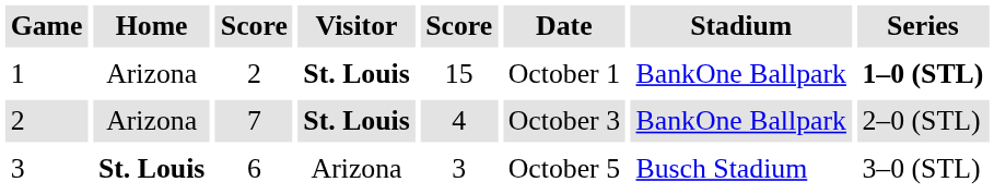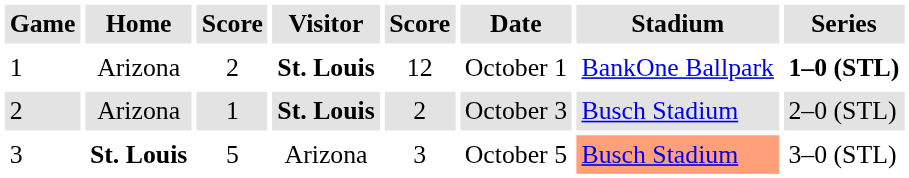 <table border="0" cellspacing="3" cellpadding="3">
 <tr style="background: #e3e3e3;">
 <th>Game</th>
 <th>Home</th>
 <th>Score</th>
 <th>Visitor</th>
 <th>Score</th>
 <th>Date</th>
 <th>Stadium</th>
 <th>Series</th>
 </tr>
 <tr>
 <td>1</td>
 <td align="center">Arizona</td>
 <td align="center">2</td>
 <td align="center"><strong>St. Louis</strong></td>
-<td align="center">15</td>
+<td align="center">12</td>
 <td align="center">October 1</td>
 <td><a href='#'>BankOne Ballpark</a></td>
 <td><strong>1–0 (STL)</strong></td>
 </tr>
 <tr style="background: #e3e3e3;">
 <td>2</td>
 <td align="center">Arizona</td>
-<td align="center">7</td>
+<td align="center">1</td>
 <td align="center"><strong>St. Louis</strong></td>
-<td align="center">4</td>
+<td align="center">2</td>
 <td align="center">October 3</td>
-<td><a href='#'>BankOne Ballpark</a></td>
+<td><a href='#'>Busch Stadium</a></td>
 <td>2–0 (STL)</td>
 </tr>
 <tr>
 <td>3</td>
 <td align="center"><strong>St. Louis</strong></td>
-<td align="center">6</td>
+<td align="center">5</td>
 <td align="center">Arizona</td>
 <td align="center">3</td>
 <td align="center">October 5</td>
-<td><a href='#'>Busch Stadium</a></td>
+<td style="background: lightsalmon;"><a href='#'>Busch Stadium</a></td>
 <td>3–0 (STL)</td>
 </tr>
 <tr>
 </tr>
 </table>
